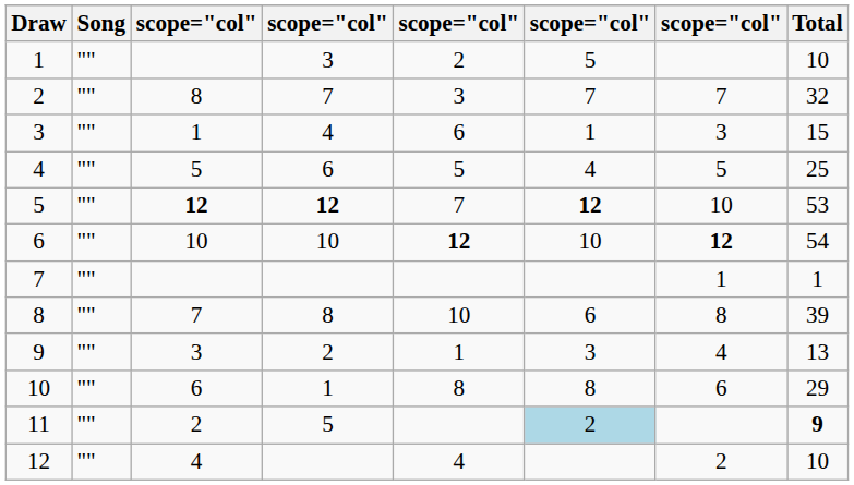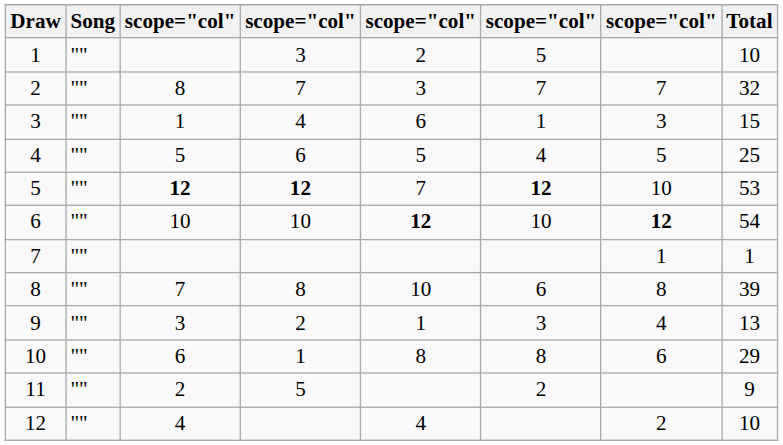 <table class="wikitable collapsible" style="margin: 1em auto 1em auto; text-align:center;">
 <tr>
 </tr>
 <tr>
 <th>Draw</th>
 <th>Song</th>
 <th>scope="col" </th>
 <th>scope="col" </th>
 <th>scope="col" </th>
 <th>scope="col" </th>
 <th>scope="col" </th>
 <th>Total</th>
 </tr>
 <tr>
 <td>1</td>
 <td align="left">""</td>
 <td></td>
 <td>3</td>
 <td>2</td>
 <td>5</td>
 <td></td>
 <td>10</td>
 </tr>
 <tr>
 <td>2</td>
 <td align="left">""</td>
 <td>8</td>
 <td>7</td>
 <td>3</td>
 <td>7</td>
 <td>7</td>
 <td>32</td>
 </tr>
 <tr>
 <td>3</td>
 <td align="left">""</td>
 <td>1</td>
 <td>4</td>
 <td>6</td>
 <td>1</td>
 <td>3</td>
 <td>15</td>
 </tr>
 <tr>
 <td>4</td>
 <td align="left">""</td>
 <td>5</td>
 <td>6</td>
 <td>5</td>
 <td>4</td>
 <td>5</td>
 <td>25</td>
 </tr>
 <tr>
 <td>5</td>
 <td align="left">""</td>
 <td><strong>12</strong></td>
 <td><strong>12</strong></td>
 <td>7</td>
 <td><strong>12</strong></td>
 <td>10</td>
 <td>53</td>
 </tr>
 <tr>
 <td>6</td>
 <td align="left">""</td>
 <td>10</td>
 <td>10</td>
 <td><strong>12</strong></td>
 <td>10</td>
 <td><strong>12</strong></td>
 <td>54</td>
 </tr>
 <tr>
 <td>7</td>
 <td align="left">""</td>
 <td></td>
 <td></td>
 <td></td>
 <td></td>
 <td>1</td>
 <td>1</td>
 </tr>
 <tr>
 <td>8</td>
 <td align="left">""</td>
 <td>7</td>
 <td>8</td>
 <td>10</td>
 <td>6</td>
 <td>8</td>
 <td>39</td>
 </tr>
 <tr>
 <td>9</td>
 <td align="left">""</td>
 <td>3</td>
 <td>2</td>
 <td>1</td>
 <td>3</td>
 <td>4</td>
 <td>13</td>
 </tr>
 <tr>
 <td>10</td>
 <td align="left">""</td>
 <td>6</td>
 <td>1</td>
 <td>8</td>
 <td>8</td>
 <td>6</td>
 <td>29</td>
 </tr>
 <tr>
 <td>11</td>
 <td align="left">""</td>
 <td>2</td>
 <td>5</td>
 <td></td>
-<td style="background: lightblue;">2</td>
+<td>2</td>
 <td></td>
-<td><strong>9</strong></td>
+<td>9</td>
 </tr>
 <tr>
 <td>12</td>
 <td align="left">""</td>
 <td>4</td>
 <td></td>
 <td>4</td>
 <td></td>
 <td>2</td>
 <td>10</td>
 </tr>
 </table>
